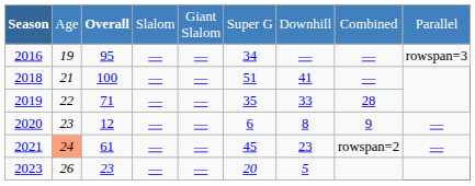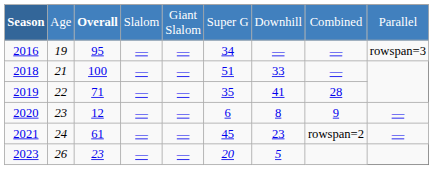 <table class="wikitable"  style="font-size:95%; text-align:center; border:gray solid 1px; width:40%;">
 <tr style="background:#369; color:white;">
 <td rowspan="2" style="width:3%;"><strong>Season</strong></td>
 </tr>
 <tr style="background:#4180be; color:white;">
 <td style="width:3%;">Age</td>
 <td style="width:4%;"><strong>Overall</strong></td>
 <td style="width:4%;">Slalom</td>
 <td style="width:4%;">Giant<br>Slalom</td>
 <td style="width:4%;">Super G</td>
 <td style="width:4%;">Downhill</td>
 <td style="width:4%;">Combined</td>
 <td style="width:4%;">Parallel</td>
 </tr>
 <tr>
 <td><a href='#'>2016</a></td>
 <td><em>19</em></td>
 <td><a href='#'>95</a></td>
 <td><a href='#'>—</a></td>
 <td><a href='#'>—</a></td>
 <td><a href='#'>34</a></td>
 <td><a href='#'>—</a></td>
 <td><a href='#'>—</a></td>
 <td>rowspan=3 </td>
 </tr>
 <tr>
 <td><a href='#'>2018</a></td>
 <td><em>21</em></td>
 <td><a href='#'>100</a></td>
 <td><a href='#'>—</a></td>
 <td><a href='#'>—</a></td>
 <td><a href='#'>51</a></td>
-<td><a href='#'>41</a></td>
+<td><a href='#'>33</a></td>
 <td><a href='#'>—</a></td>
 </tr>
 <tr>
 <td><a href='#'>2019</a></td>
 <td><em>22</em></td>
 <td><a href='#'>71</a></td>
 <td><a href='#'>—</a></td>
 <td><a href='#'>—</a></td>
 <td><a href='#'>35</a></td>
-<td><a href='#'>33</a></td>
+<td><a href='#'>41</a></td>
 <td><a href='#'>28</a></td>
 </tr>
 <tr>
 <td><a href='#'>2020</a></td>
 <td><em>23</em></td>
 <td><a href='#'>12</a></td>
 <td><a href='#'>—</a></td>
 <td><a href='#'>—</a></td>
 <td><a href='#'>6</a></td>
 <td><a href='#'>8</a></td>
 <td><a href='#'>9</a></td>
 <td><a href='#'>—</a></td>
 </tr>
 <tr>
 <td><a href='#'>2021</a></td>
-<td style="background: lightsalmon;"><em>24</em></td>
+<td><em>24</em></td>
 <td><a href='#'>61</a></td>
 <td><a href='#'>—</a></td>
 <td><a href='#'>—</a></td>
 <td><a href='#'>45</a></td>
 <td><a href='#'>23</a></td>
 <td>rowspan=2 </td>
 <td><a href='#'>—</a></td>
 </tr>
 <tr>
 <td><a href='#'>2023</a></td>
 <td><em>26</em></td>
 <td><em><a href='#'>23</a></em></td>
 <td><a href='#'>—</a></td>
 <td><a href='#'>—</a></td>
 <td><em><a href='#'>20</a></em></td>
 <td><em><a href='#'>5</a></em></td>
 <td></td>
 </tr>
 </table>
